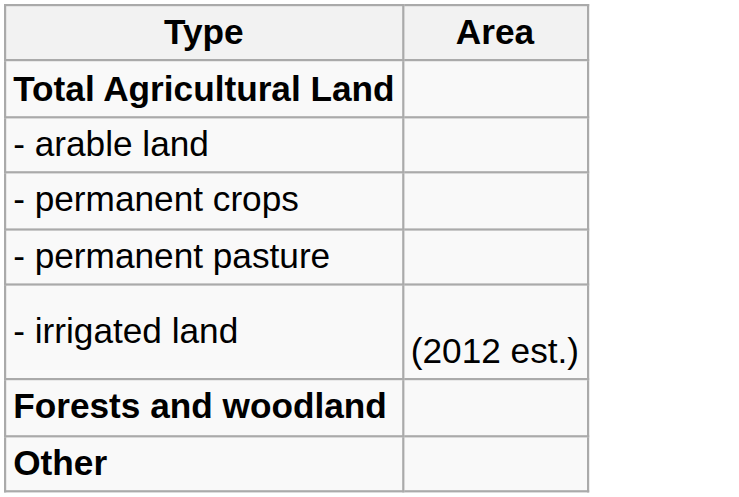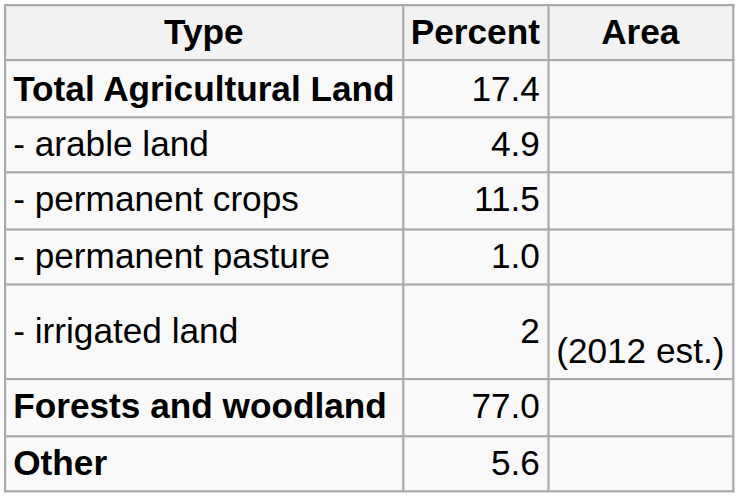 <table class="wikitable sortable plainrowheaders">
 <tr>
 <th>Type</th>
+<th>Percent</th>
 <th>Area</th>
 </tr>
 <tr>
 <td><strong>Total Agricultural Land</strong></td>
+<td style="text-align:right">17.4</td>
 <td></td>
 </tr>
 <tr>
 <td>- arable land</td>
+<td style="text-align:right">4.9</td>
 <td></td>
 </tr>
 <tr>
 <td>- permanent crops</td>
+<td style="text-align:right">11.5</td>
 <td></td>
 </tr>
 <tr>
 <td>- permanent pasture</td>
+<td style="text-align:right">1.0</td>
 <td></td>
 </tr>
 <tr>
 <td>- irrigated land</td>
+<td style="text-align:right">2</td>
 <td><br> (2012 est.)</td>
 </tr>
 <tr>
 <td><strong>Forests and woodland</strong></td>
+<td style="text-align:right">77.0</td>
 <td></td>
 </tr>
 <tr>
 <td><strong>Other</strong></td>
+<td style="text-align:right">5.6</td>
 <td></td>
 </tr>
 </table>
